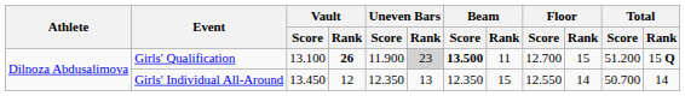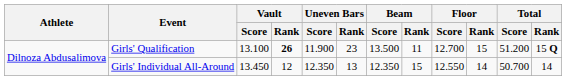 <table class="wikitable" border="1" style="font-size:90%">
 <tr>
 <th rowspan=2>Athlete</th>
 <th rowspan=2>Event</th>
 <th colspan=2>Vault</th>
 <th colspan=2>Uneven Bars</th>
 <th colspan=2>Beam</th>
 <th colspan=2>Floor</th>
 <th colspan=2>Total</th>
 </tr>
 <tr>
 <th>Score</th>
 <th>Rank</th>
 <th>Score</th>
 <th>Rank</th>
 <th>Score</th>
 <th>Rank</th>
 <th>Score</th>
 <th>Rank</th>
 <th>Score</th>
 <th>Rank</th>
 </tr>
 <tr>
 <td rowspan=2><a href='#'>Dilnoza Abdusalimova</a></td>
 <td><a href='#'>Girls' Qualification</a></td>
 <td align=center>13.100</td>
 <td align=center><strong>26</strong></td>
 <td align=center>11.900</td>
-<td align=center style="background: lightgrey;">23</td>
-<td align=center><strong>13.500</strong></td>
+<td align=center>23</td>
+<td align=center>13.500</td>
 <td align=center>11</td>
 <td align=center>12.700</td>
 <td align=center>15</td>
 <td align=center>51.200</td>
 <td align=center>15 <strong>Q</strong></td>
 </tr>
 <tr>
 <td><a href='#'>Girls' Individual All-Around</a></td>
 <td align=center>13.450</td>
 <td align=center>12</td>
 <td align=center>12.350</td>
 <td align=center>13</td>
 <td align=center>12.350</td>
 <td align=center>15</td>
 <td align=center>12.550</td>
 <td align=center>14</td>
 <td align=center>50.700</td>
 <td align=center>14</td>
 </tr>
 </table>
